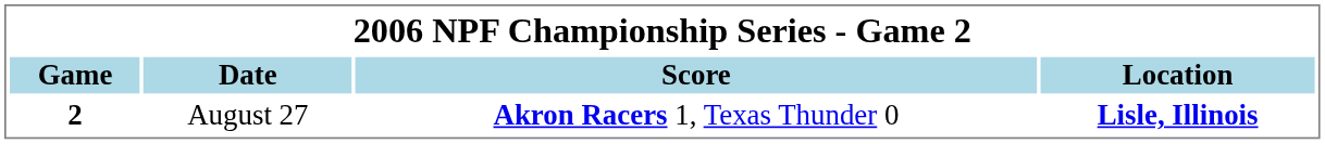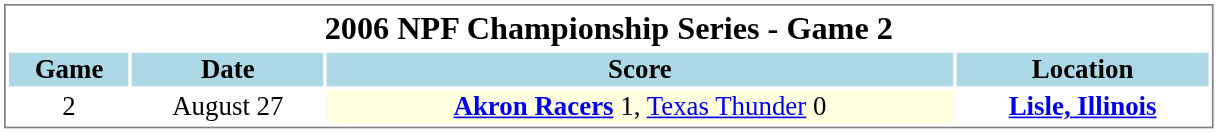 <table cellpadding="1"  style="min-width:45em;text-align:center;font-size:100%; border:1px solid gray;">
 <tr style="font-size:larger;">
 <th colspan=8>2006 NPF Championship Series - Game 2</th>
 </tr>
 <tr style="background:lightblue;">
 <th>Game</th>
 <th>Date</th>
 <th>Score</th>
 <th>Location</th>
 </tr>
 <tr>
-<td><strong>2</strong></td>
+<td>2</td>
 <td>August 27</td>
-<td><strong><a href='#'>Akron Racers</a></strong> 1, <a href='#'>Texas Thunder</a> 0</td>
+<td style="background: lightyellow;"><strong><a href='#'>Akron Racers</a></strong> 1, <a href='#'>Texas Thunder</a> 0</td>
 <td><strong><a href='#'>Lisle, Illinois</a></strong></td>
 </tr>
 </table>
